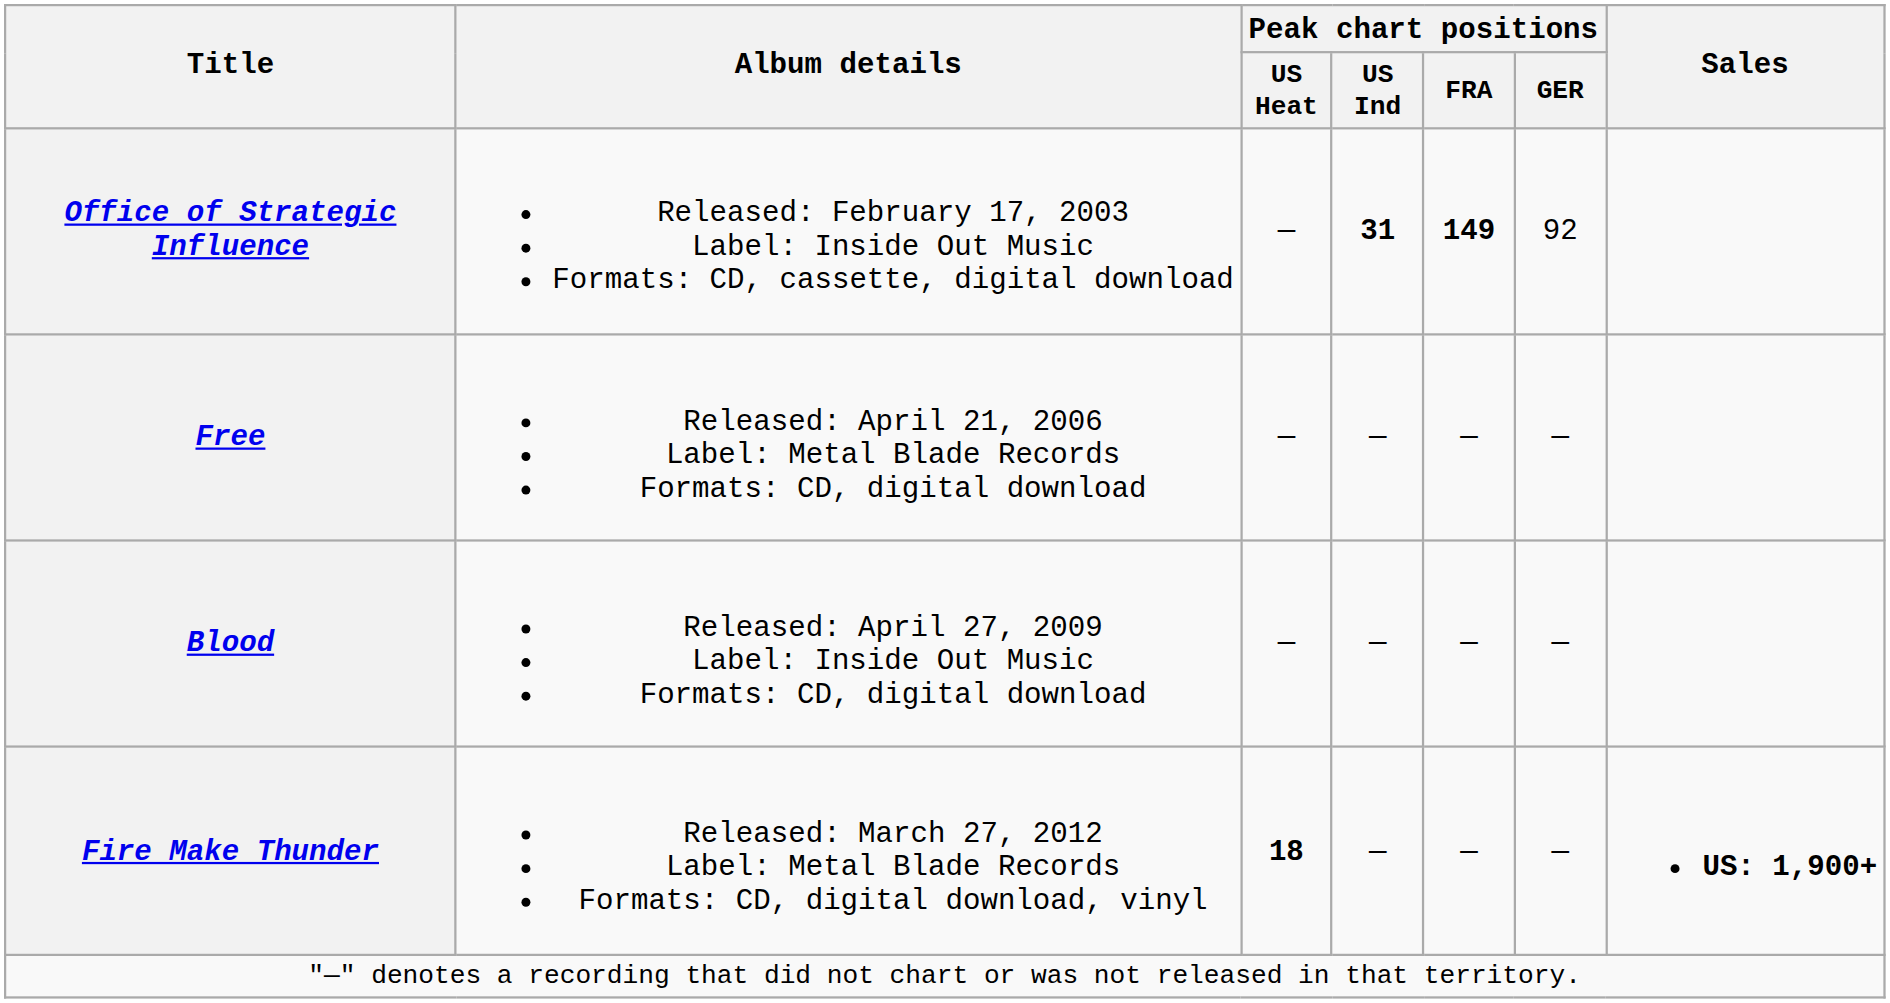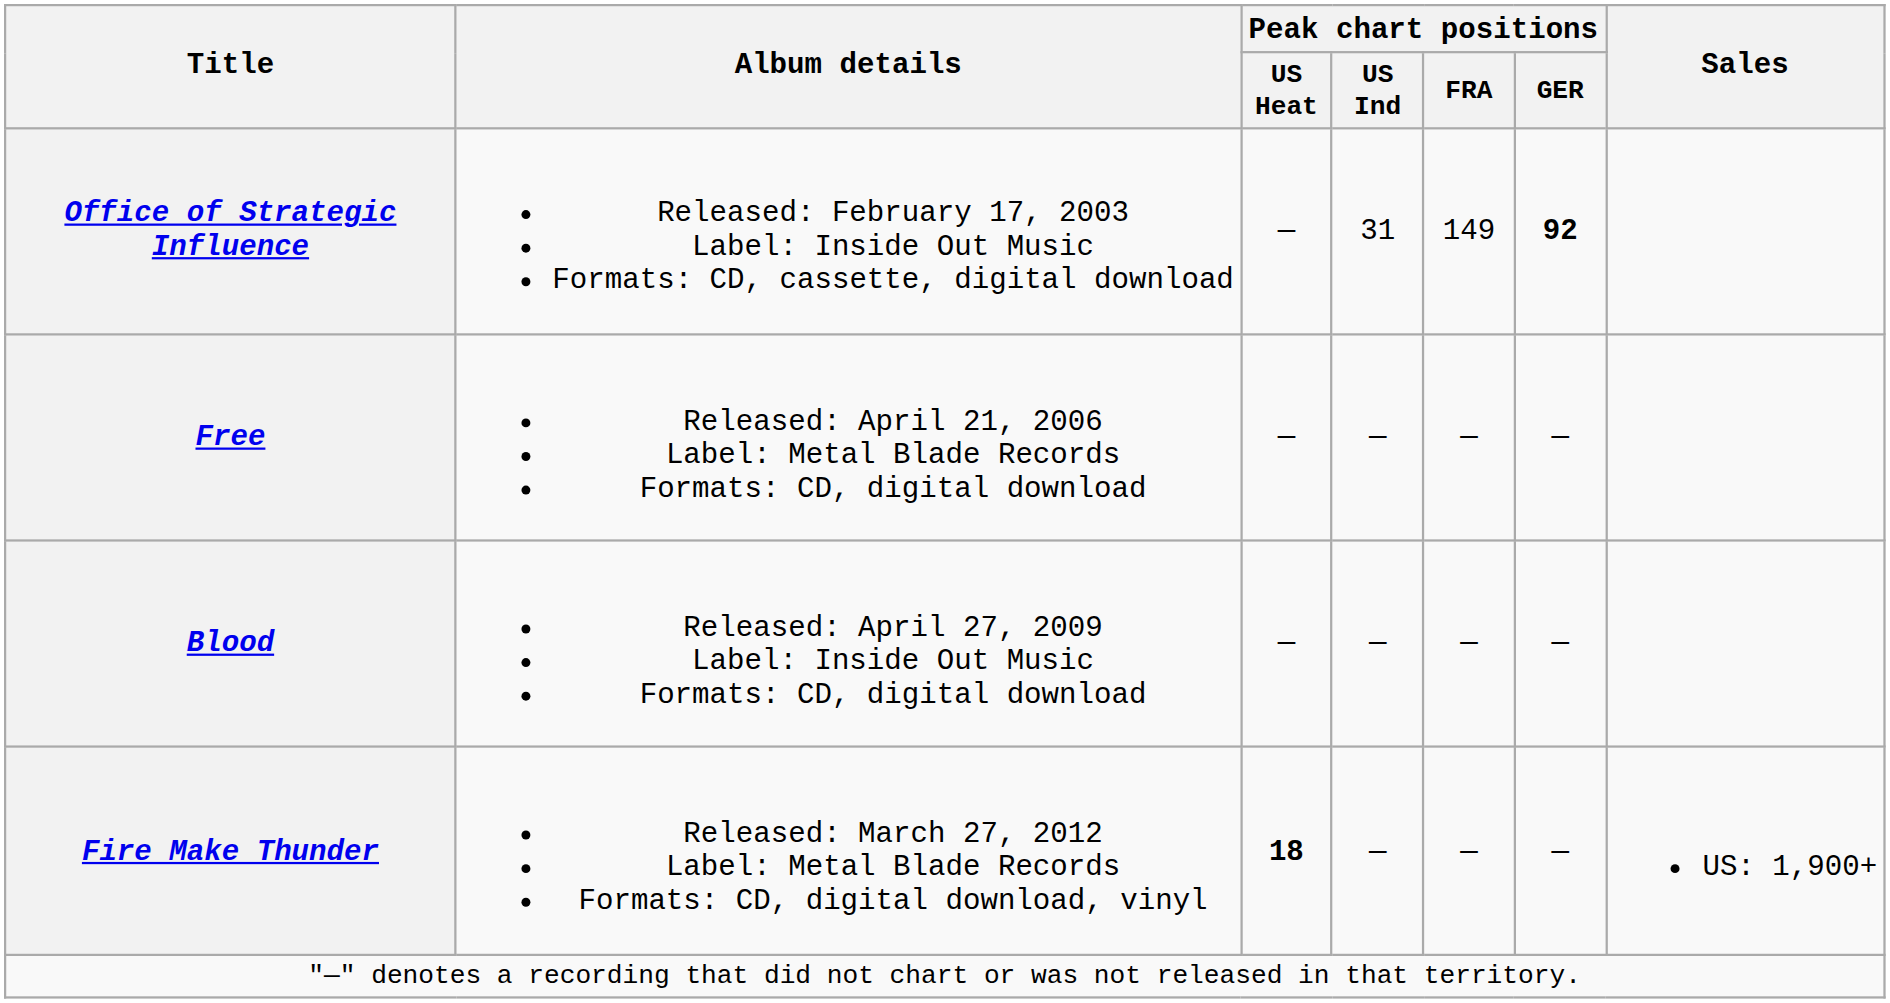 <table class="wikitable plainrowheaders" style="text-align:center;">
 <tr>
 <th scope="col" rowspan="2" style="width:15em;">Title</th>
 <th scope="col" rowspan="2">Album details</th>
 <th scope="col" colspan="4">Peak chart positions</th>
 <th scope="col" rowspan="2">Sales</th>
 </tr>
 <tr>
 <th scope="col" style="width:3em;font-size:90%;">US Heat<br></th>
 <th scope="col" style="width:3em;font-size:90%;">US Ind<br></th>
 <th scope="col" style="width:3em;font-size:90%;">FRA<br></th>
 <th scope="col" style="width:3em;font-size:90%;">GER<br></th>
 </tr>
 <tr>
 <th scope="row"><em><a href='#'>Office of Strategic Influence</a></em></th>
 <td><br><ul><li>Released: February 17, 2003</li><li>Label: Inside Out Music</li><li>Formats: CD, cassette, digital download</li></ul></td>
 <td>—</td>
-<td><strong>31</strong></td>
-<td><strong>149</strong></td>
-<td>92</td>
+<td>31</td>
+<td>149</td>
+<td><strong>92</strong></td>
 <td></td>
 </tr>
 <tr>
 <th scope="row"><em><a href='#'>Free</a></em></th>
 <td><br><ul><li>Released: April 21, 2006</li><li>Label: Metal Blade Records</li><li>Formats: CD, digital download</li></ul></td>
 <td>—</td>
 <td>—</td>
 <td>—</td>
 <td>—</td>
 <td></td>
 </tr>
 <tr>
 <th scope="row"><em><a href='#'>Blood</a></em></th>
 <td><br><ul><li>Released: April 27, 2009</li><li>Label: Inside Out Music</li><li>Formats: CD, digital download</li></ul></td>
 <td>—</td>
 <td>—</td>
 <td>—</td>
 <td>—</td>
 <td></td>
 </tr>
 <tr>
 <th scope="row"><em><a href='#'>Fire Make Thunder</a></em></th>
 <td><br><ul><li>Released: March 27, 2012</li><li>Label: Metal Blade Records</li><li>Formats: CD, digital download, vinyl</li></ul></td>
 <td><strong>18</strong></td>
 <td>—</td>
 <td>—</td>
 <td>—</td>
-<td><strong><br><ul><li>US: 1,900+</li></ul></strong></td>
+<td><br><ul><li>US: 1,900+</li></ul></td>
 </tr>
 <tr>
 <td colspan="10" style="font-size:90%">"—" denotes a recording that did not chart or was not released in that territory.</td>
 </tr>
 </table>
